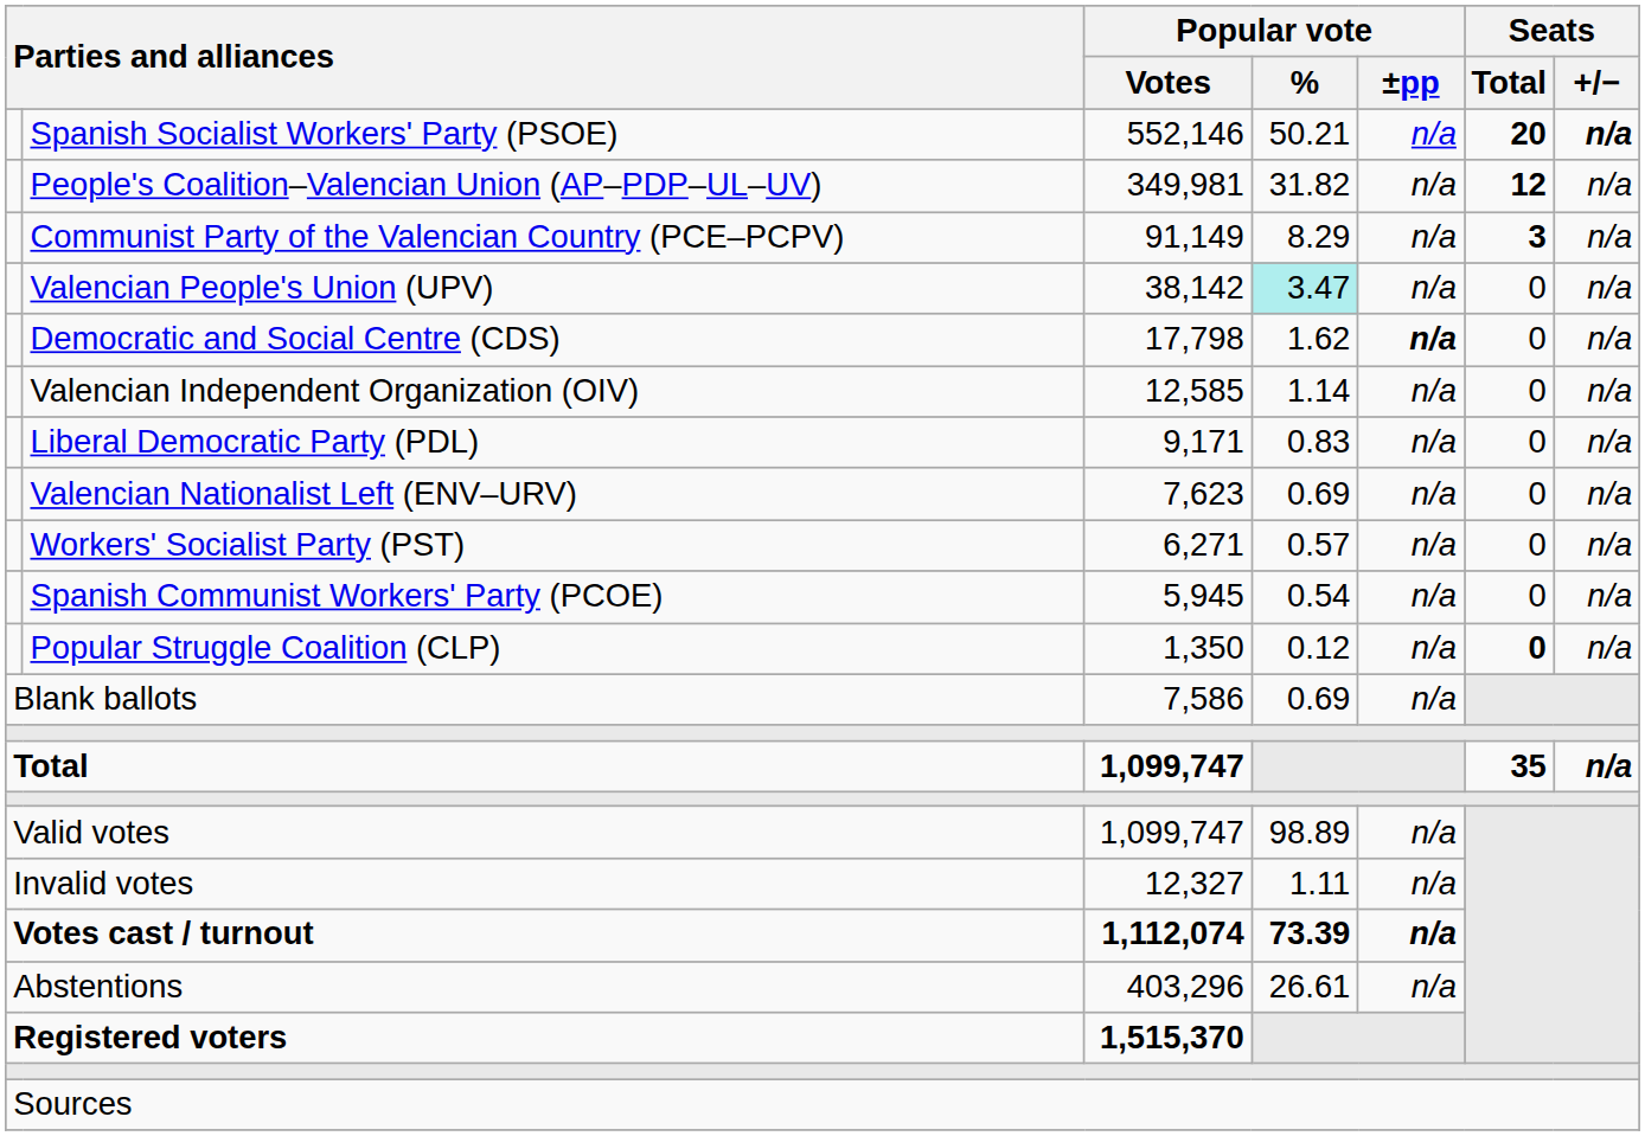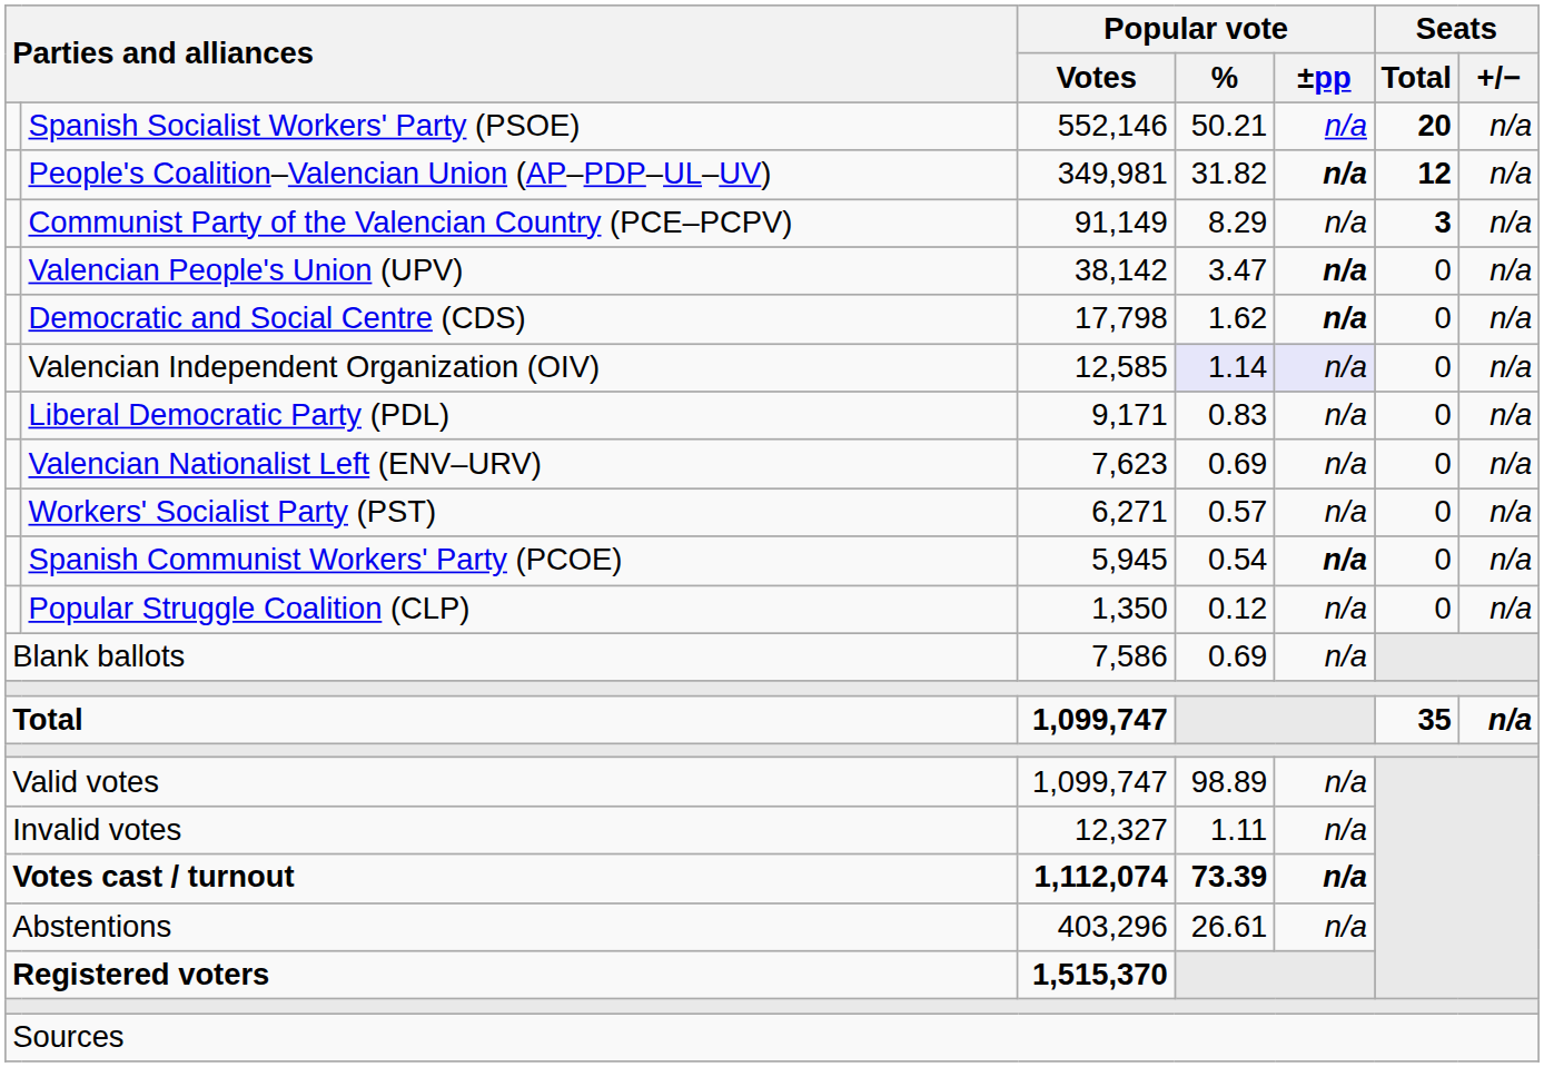 <table class="wikitable" style="text-align:right;">
 <tr>
 <th style="text-align:left;" rowspan="2" colspan="2" width="525">Parties and alliances</th>
 <th colspan="3">Popular vote</th>
 <th colspan="2">Seats</th>
 </tr>
 <tr>
 <th width="75">Votes</th>
 <th width="45">%</th>
 <th width="45">±<a href='#'>pp</a></th>
 <th width="35">Total</th>
 <th width="35">+/−</th>
 </tr>
 <tr>
 <td width="1" style="color:inherit;background:"></td>
 <td align="left"><a href='#'>Spanish Socialist Workers' Party</a> (PSOE)</td>
 <td>552,146</td>
 <td>50.21</td>
 <td><em><a href='#'>n/a</a></em></td>
 <td><strong>20</strong></td>
-<td><strong><em>n/a</em></strong></td>
+<td><em>n/a</em></td>
 </tr>
 <tr>
 <td style="color:inherit;background:"></td>
 <td align="left"><a href='#'>People's Coalition</a>–<a href='#'>Valencian Union</a> (<a href='#'>AP</a>–<a href='#'>PDP</a>–<a href='#'>UL</a>–<a href='#'>UV</a>)</td>
 <td>349,981</td>
 <td>31.82</td>
-<td><em>n/a</em></td>
+<td><strong><em>n/a</em></strong></td>
 <td><strong>12</strong></td>
 <td><em>n/a</em></td>
 </tr>
 <tr>
 <td style="color:inherit;background:"></td>
 <td align="left"><a href='#'>Communist Party of the Valencian Country</a> (PCE–PCPV)</td>
 <td>91,149</td>
 <td>8.29</td>
 <td><em>n/a</em></td>
 <td><strong>3</strong></td>
 <td><em>n/a</em></td>
 </tr>
 <tr>
 <td style="color:inherit;background:"></td>
 <td align="left"><a href='#'>Valencian People's Union</a> (UPV)</td>
 <td>38,142</td>
-<td style="background: paleturquoise;">3.47</td>
-<td><em>n/a</em></td>
+<td>3.47</td>
+<td><strong><em>n/a</em></strong></td>
 <td>0</td>
 <td><em>n/a</em></td>
 </tr>
 <tr>
 <td style="color:inherit;background:"></td>
 <td align="left"><a href='#'>Democratic and Social Centre</a> (CDS)</td>
 <td>17,798</td>
 <td>1.62</td>
 <td><strong><em>n/a</em></strong></td>
 <td>0</td>
 <td><em>n/a</em></td>
 </tr>
 <tr>
 <td style="color:inherit;background:"></td>
 <td align="left">Valencian Independent Organization (OIV)</td>
 <td>12,585</td>
-<td>1.14</td>
-<td><em>n/a</em></td>
+<td style="background: lavender;">1.14</td>
+<td style="background: lavender;"><em>n/a</em></td>
 <td>0</td>
 <td><em>n/a</em></td>
 </tr>
 <tr>
 <td style="color:inherit;background:"></td>
 <td align="left"><a href='#'>Liberal Democratic Party</a> (PDL)</td>
 <td>9,171</td>
 <td>0.83</td>
 <td><em>n/a</em></td>
 <td>0</td>
 <td><em>n/a</em></td>
 </tr>
 <tr>
 <td style="color:inherit;background:"></td>
 <td align="left"><a href='#'>Valencian Nationalist Left</a> (ENV–URV)</td>
 <td>7,623</td>
 <td>0.69</td>
 <td><em>n/a</em></td>
 <td>0</td>
 <td><em>n/a</em></td>
 </tr>
 <tr>
 <td style="color:inherit;background:"></td>
 <td align="left"><a href='#'>Workers' Socialist Party</a> (PST)</td>
 <td>6,271</td>
 <td>0.57</td>
 <td><em>n/a</em></td>
 <td>0</td>
 <td><em>n/a</em></td>
 </tr>
 <tr>
 <td style="color:inherit;background:"></td>
 <td align="left"><a href='#'>Spanish Communist Workers' Party</a> (PCOE)</td>
 <td>5,945</td>
 <td>0.54</td>
-<td><em>n/a</em></td>
+<td><strong><em>n/a</em></strong></td>
 <td>0</td>
 <td><em>n/a</em></td>
 </tr>
 <tr>
 <td style="color:inherit;background:"></td>
 <td align="left"><a href='#'>Popular Struggle Coalition</a> (CLP)</td>
 <td>1,350</td>
 <td>0.12</td>
 <td><em>n/a</em></td>
-<td><strong>0</strong></td>
+<td>0</td>
 <td><em>n/a</em></td>
 </tr>
 <tr>
 <td align="left" colspan="2">Blank ballots</td>
 <td>7,586</td>
 <td>0.69</td>
 <td><em>n/a</em></td>
 <td bgcolor="#E9E9E9" colspan="2"></td>
 </tr>
 <tr>
 <td colspan="7" bgcolor="#E9E9E9"></td>
 </tr>
 <tr style="font-weight:bold;">
 <td align="left" colspan="2">Total</td>
 <td>1,099,747</td>
 <td bgcolor="#E9E9E9" colspan="2"></td>
 <td>35</td>
 <td><em>n/a</em></td>
 </tr>
 <tr>
 <td colspan="7" bgcolor="#E9E9E9"></td>
 </tr>
 <tr>
 <td align="left" colspan="2">Valid votes</td>
 <td>1,099,747</td>
 <td>98.89</td>
 <td><em>n/a</em></td>
 <td bgcolor="#E9E9E9" colspan="2" rowspan="5"></td>
 </tr>
 <tr>
 <td align="left" colspan="2">Invalid votes</td>
 <td>12,327</td>
 <td>1.11</td>
 <td><em>n/a</em></td>
 </tr>
 <tr style="font-weight:bold;">
 <td align="left" colspan="2">Votes cast / turnout</td>
 <td>1,112,074</td>
 <td>73.39</td>
 <td><em>n/a</em></td>
 </tr>
 <tr>
 <td align="left" colspan="2">Abstentions</td>
 <td>403,296</td>
 <td>26.61</td>
 <td><em>n/a</em></td>
 </tr>
 <tr style="font-weight:bold;">
 <td align="left" colspan="2">Registered voters</td>
 <td>1,515,370</td>
 <td bgcolor="#E9E9E9" colspan="2"></td>
 </tr>
 <tr>
 <td colspan="7" bgcolor="#E9E9E9"></td>
 </tr>
 <tr>
 <td align="left" colspan="7">Sources</td>
 </tr>
 </table>
